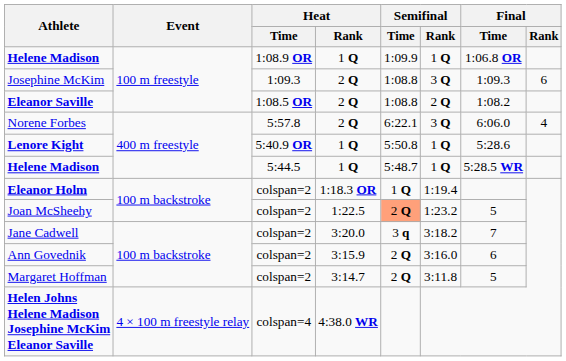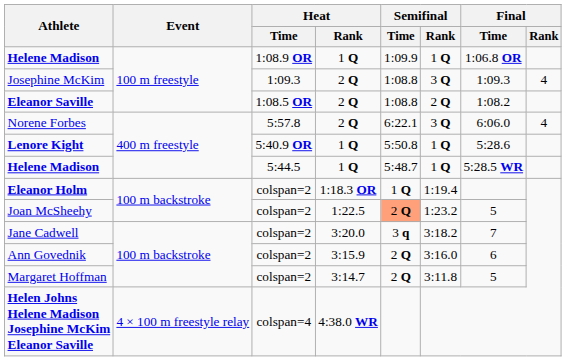 <table class=wikitable style="font-size:90%">
 <tr>
 <th rowspan=2>Athlete</th>
 <th rowspan=2>Event</th>
 <th colspan=2>Heat</th>
 <th colspan=2>Semifinal</th>
 <th colspan=2>Final</th>
 </tr>
 <tr style="font-size:95%">
 <th>Time</th>
 <th>Rank</th>
 <th>Time</th>
 <th>Rank</th>
 <th>Time</th>
 <th>Rank</th>
 </tr>
 <tr align=center>
 <td align=left><strong><a href='#'>Helene Madison</a></strong></td>
 <td align=left rowspan=3><a href='#'>100 m freestyle</a></td>
 <td>1:08.9 <strong><a href='#'>OR</a></strong></td>
 <td>1 <strong>Q</strong></td>
 <td>1:09.9</td>
 <td>1 <strong>Q</strong></td>
 <td>1:06.8 <strong><a href='#'>OR</a></strong></td>
 <td></td>
 </tr>
 <tr align=center>
 <td align=left><a href='#'>Josephine McKim</a></td>
 <td>1:09.3</td>
 <td>2 <strong>Q</strong></td>
 <td>1:08.8</td>
 <td>3 <strong>Q</strong></td>
 <td>1:09.3</td>
-<td>6</td>
+<td>4</td>
 </tr>
 <tr align=center>
 <td align=left><strong><a href='#'>Eleanor Saville</a></strong></td>
 <td>1:08.5 <strong><a href='#'>OR</a></strong></td>
 <td>2 <strong>Q</strong></td>
 <td>1:08.8</td>
 <td>2 <strong>Q</strong></td>
 <td>1:08.2</td>
 <td></td>
 </tr>
 <tr align=center>
 <td align=left><a href='#'>Norene Forbes</a></td>
 <td align=left rowspan=3><a href='#'>400 m freestyle</a></td>
 <td>5:57.8</td>
 <td>2 <strong>Q</strong></td>
 <td>6:22.1</td>
 <td>3 <strong>Q</strong></td>
 <td>6:06.0</td>
 <td>4</td>
 </tr>
 <tr align=center>
 <td align=left><strong><a href='#'>Lenore Kight</a></strong></td>
 <td>5:40.9 <strong><a href='#'>OR</a></strong></td>
 <td>1 <strong>Q</strong></td>
 <td>5:50.8</td>
 <td>1 <strong>Q</strong></td>
 <td>5:28.6</td>
 <td></td>
 </tr>
 <tr align=center>
 <td align=left><strong><a href='#'>Helene Madison</a></strong></td>
 <td>5:44.5</td>
 <td>1 <strong>Q</strong></td>
 <td>5:48.7</td>
 <td>1 <strong>Q</strong></td>
 <td>5:28.5 <strong><a href='#'>WR</a></strong></td>
 <td></td>
 </tr>
 <tr align=center>
 <td align=left><strong><a href='#'>Eleanor Holm</a></strong></td>
 <td align=left rowspan=2><a href='#'>100 m backstroke</a></td>
 <td>colspan=2 </td>
 <td>1:18.3 <strong><a href='#'>OR</a></strong></td>
 <td>1 <strong>Q</strong></td>
 <td>1:19.4</td>
 <td></td>
 </tr>
 <tr align=center>
 <td align=left><a href='#'>Joan McSheehy</a></td>
 <td>colspan=2 </td>
 <td>1:22.5</td>
 <td style="background: lightsalmon;">2 <strong>Q</strong></td>
 <td>1:23.2</td>
 <td>5</td>
 </tr>
 <tr align=center>
 <td align=left><a href='#'>Jane Cadwell</a></td>
 <td align=left rowspan=3><a href='#'>100 m backstroke</a></td>
 <td>colspan=2 </td>
 <td>3:20.0</td>
 <td>3 <strong>q</strong></td>
 <td>3:18.2</td>
 <td>7</td>
 </tr>
 <tr align=center>
 <td align=left><a href='#'>Ann Govednik</a></td>
 <td>colspan=2 </td>
 <td>3:15.9</td>
 <td>2 <strong>Q</strong></td>
 <td>3:16.0</td>
 <td>6</td>
 </tr>
 <tr align=center>
 <td align=left><a href='#'>Margaret Hoffman</a></td>
 <td>colspan=2 </td>
 <td>3:14.7</td>
 <td>2 <strong>Q</strong></td>
 <td>3:11.8</td>
 <td>5</td>
 </tr>
 <tr align=center>
 <td align=left><strong><a href='#'>Helen Johns</a><br><a href='#'>Helene Madison</a><br><a href='#'>Josephine McKim</a><br><a href='#'>Eleanor Saville</a></strong></td>
 <td align=left><a href='#'>4 × 100 m freestyle relay</a></td>
 <td>colspan=4 </td>
 <td>4:38.0 <strong><a href='#'>WR</a></strong></td>
 <td></td>
 </tr>
 </table>
